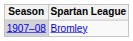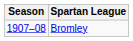 <table class="wikitable" style="text-align: left">
 <tr>
 <th>Season</th>
 <th>Spartan League</th>
 </tr>
 <tr>
-<td style="background: lightgrey;"><a href='#'>1907–08</a></td>
+<td><a href='#'>1907–08</a></td>
 <td><a href='#'>Bromley</a></td>
 </tr>
 </table>
